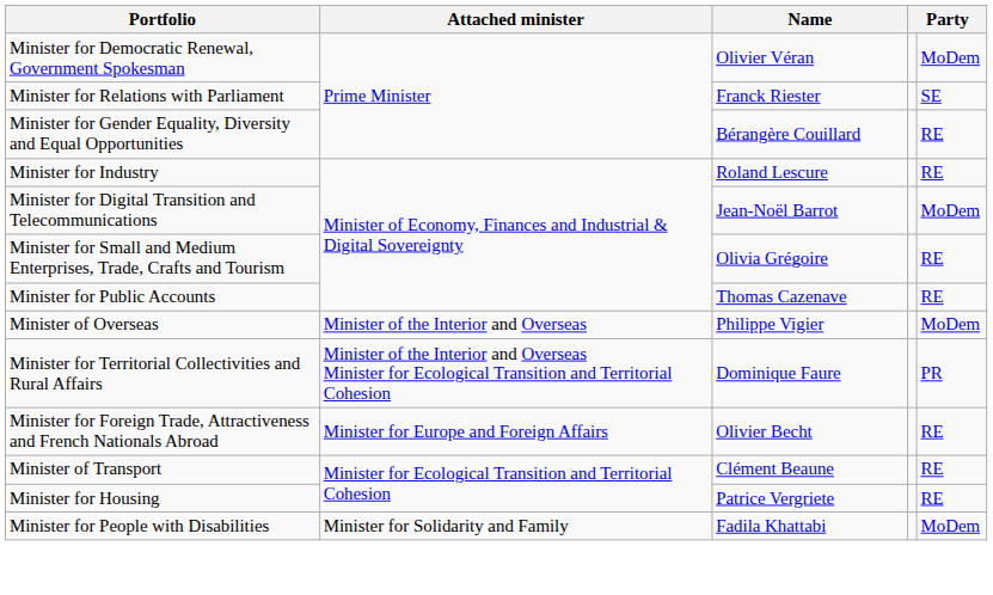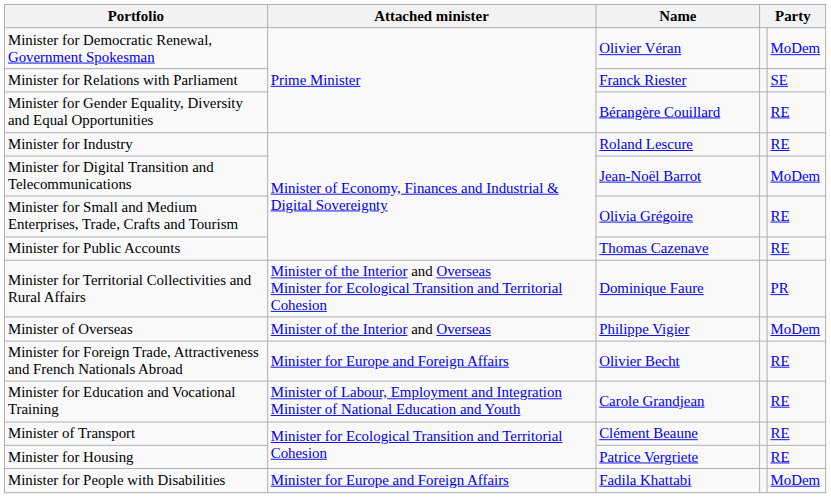 <table class="wikitable" style="width:100%">
 <tr>
 <th>Portfolio</th>
 <th style="width:40%">Attached minister</th>
 <th style="width:20%">Name</th>
 <th style="width:8%" colspan="2">Party</th>
 </tr>
 <tr>
 <td>Minister for Democratic Renewal, <a href='#'>Government Spokesman</a></td>
 <td rowspan="3"><a href='#'>Prime Minister</a></td>
 <td><a href='#'>Olivier Véran</a></td>
 <td style="background:"></td>
 <td><a href='#'>MoDem</a></td>
 </tr>
 <tr>
 <td>Minister for Relations with Parliament</td>
 <td><a href='#'>Franck Riester</a></td>
 <td style="background:"></td>
 <td><a href='#'>SE</a></td>
 </tr>
 <tr>
 <td>Minister for Gender Equality, Diversity and Equal Opportunities</td>
 <td><a href='#'>Bérangère Couillard</a></td>
 <td style="background:"></td>
 <td><a href='#'>RE</a></td>
 </tr>
 <tr>
 <td>Minister for Industry</td>
 <td rowspan="4"><a href='#'>Minister of Economy, Finances and Industrial & Digital Sovereignty</a></td>
 <td><a href='#'>Roland Lescure</a></td>
 <td style="background:"></td>
 <td><a href='#'>RE</a></td>
 </tr>
 <tr>
 <td>Minister for Digital Transition and Telecommunications</td>
 <td><a href='#'>Jean-Noël Barrot</a></td>
 <td style=background:></td>
 <td><a href='#'>MoDem</a></td>
 </tr>
 <tr>
 <td>Minister for Small and Medium Enterprises, Trade, Crafts and Tourism</td>
 <td><a href='#'>Olivia Grégoire</a></td>
 <td style="background:"></td>
 <td><a href='#'>RE</a></td>
 </tr>
 <tr>
 <td>Minister for Public Accounts</td>
 <td><a href='#'>Thomas Cazenave</a></td>
 <td style="background:"></td>
 <td><a href='#'>RE</a></td>
 </tr>
 <tr>
+<td>Minister for Territorial Collectivities and Rural Affairs</td>
+<td><a href='#'>Minister of the Interior</a> and <a href='#'>Overseas</a><br><a href='#'>Minister for Ecological Transition and Territorial Cohesion</a></td>
+<td><a href='#'>Dominique Faure</a></td>
+<td style="background:"></td>
+<td><a href='#'>PR</a></td>
+</tr>
+<tr>
 <td>Minister of Overseas</td>
 <td><a href='#'>Minister of the Interior</a> and <a href='#'>Overseas</a></td>
 <td><a href='#'>Philippe Vigier</a></td>
 <td style=background:></td>
 <td><a href='#'>MoDem</a></td>
 </tr>
 <tr>
-<td>Minister for Territorial Collectivities and Rural Affairs</td>
-<td><a href='#'>Minister of the Interior</a> and <a href='#'>Overseas</a><br><a href='#'>Minister for Ecological Transition and Territorial Cohesion</a></td>
-<td><a href='#'>Dominique Faure</a></td>
-<td style="background:"></td>
-<td><a href='#'>PR</a></td>
-</tr>
-<tr>
 <td>Minister for Foreign Trade, Attractiveness and French Nationals Abroad</td>
 <td><a href='#'>Minister for Europe and Foreign Affairs</a></td>
 <td><a href='#'>Olivier Becht</a></td>
+<td style="background:"></td>
+<td><a href='#'>RE</a></td>
+</tr>
+<tr>
+<td>Minister for Education and Vocational Training</td>
+<td><a href='#'>Minister of Labour, Employment and Integration</a><br><a href='#'>Minister of National Education and Youth</a></td>
+<td><a href='#'>Carole Grandjean</a></td>
 <td style="background:"></td>
 <td><a href='#'>RE</a></td>
 </tr>
 <tr>
 <td>Minister of Transport</td>
 <td rowspan="2"><a href='#'>Minister for Ecological Transition and Territorial Cohesion</a></td>
 <td><a href='#'>Clément Beaune</a></td>
 <td style="background:"></td>
 <td><a href='#'>RE</a></td>
 </tr>
 <tr>
 <td>Minister for Housing</td>
 <td><a href='#'>Patrice Vergriete</a></td>
 <td style="background:"></td>
 <td><a href='#'>RE</a></td>
 </tr>
 <tr>
 <td>Minister for People with Disabilities</td>
-<td>Minister for Solidarity and Family</td>
+<td><a href='#'>Minister for Europe and Foreign Affairs</a></td>
 <td><a href='#'>Fadila Khattabi</a></td>
 <td style="background:"></td>
 <td><a href='#'>MoDem</a></td>
 </tr>
 </table>
